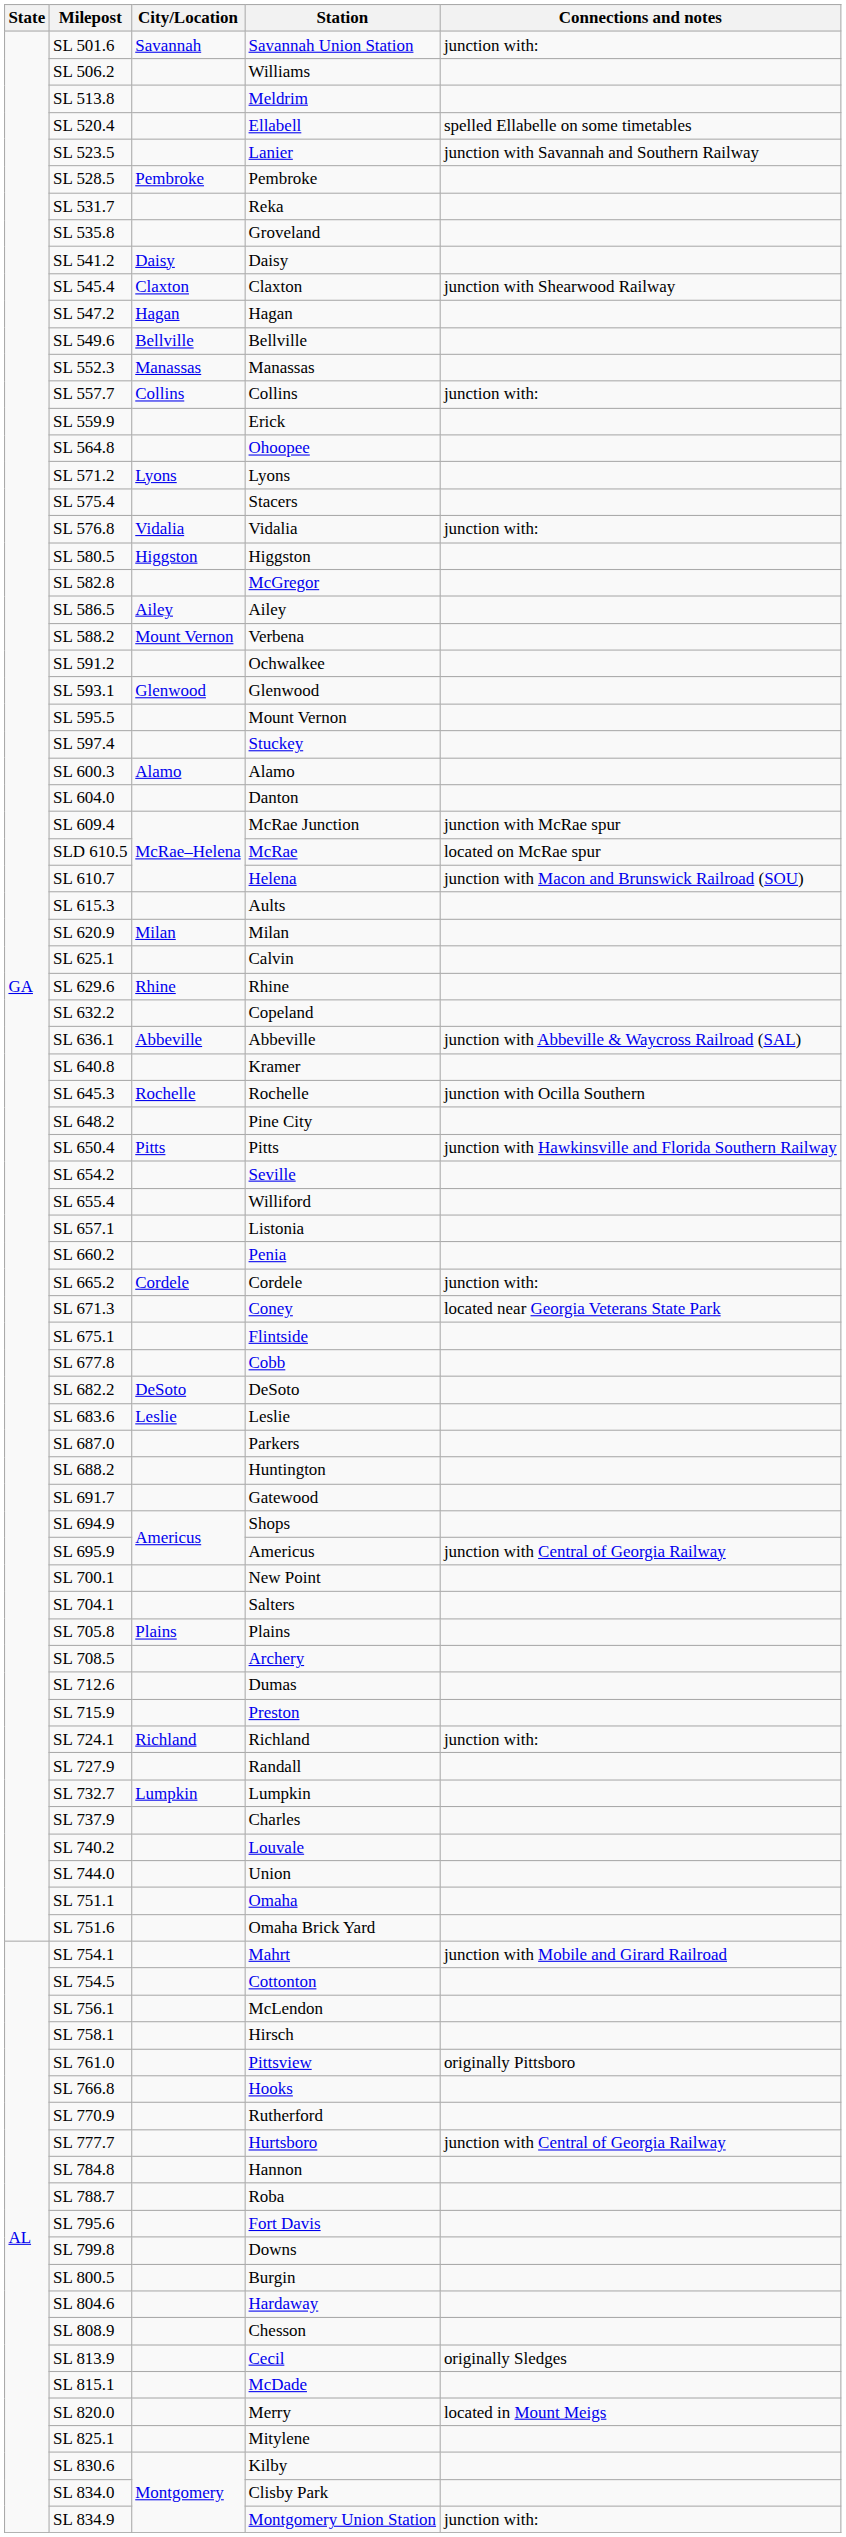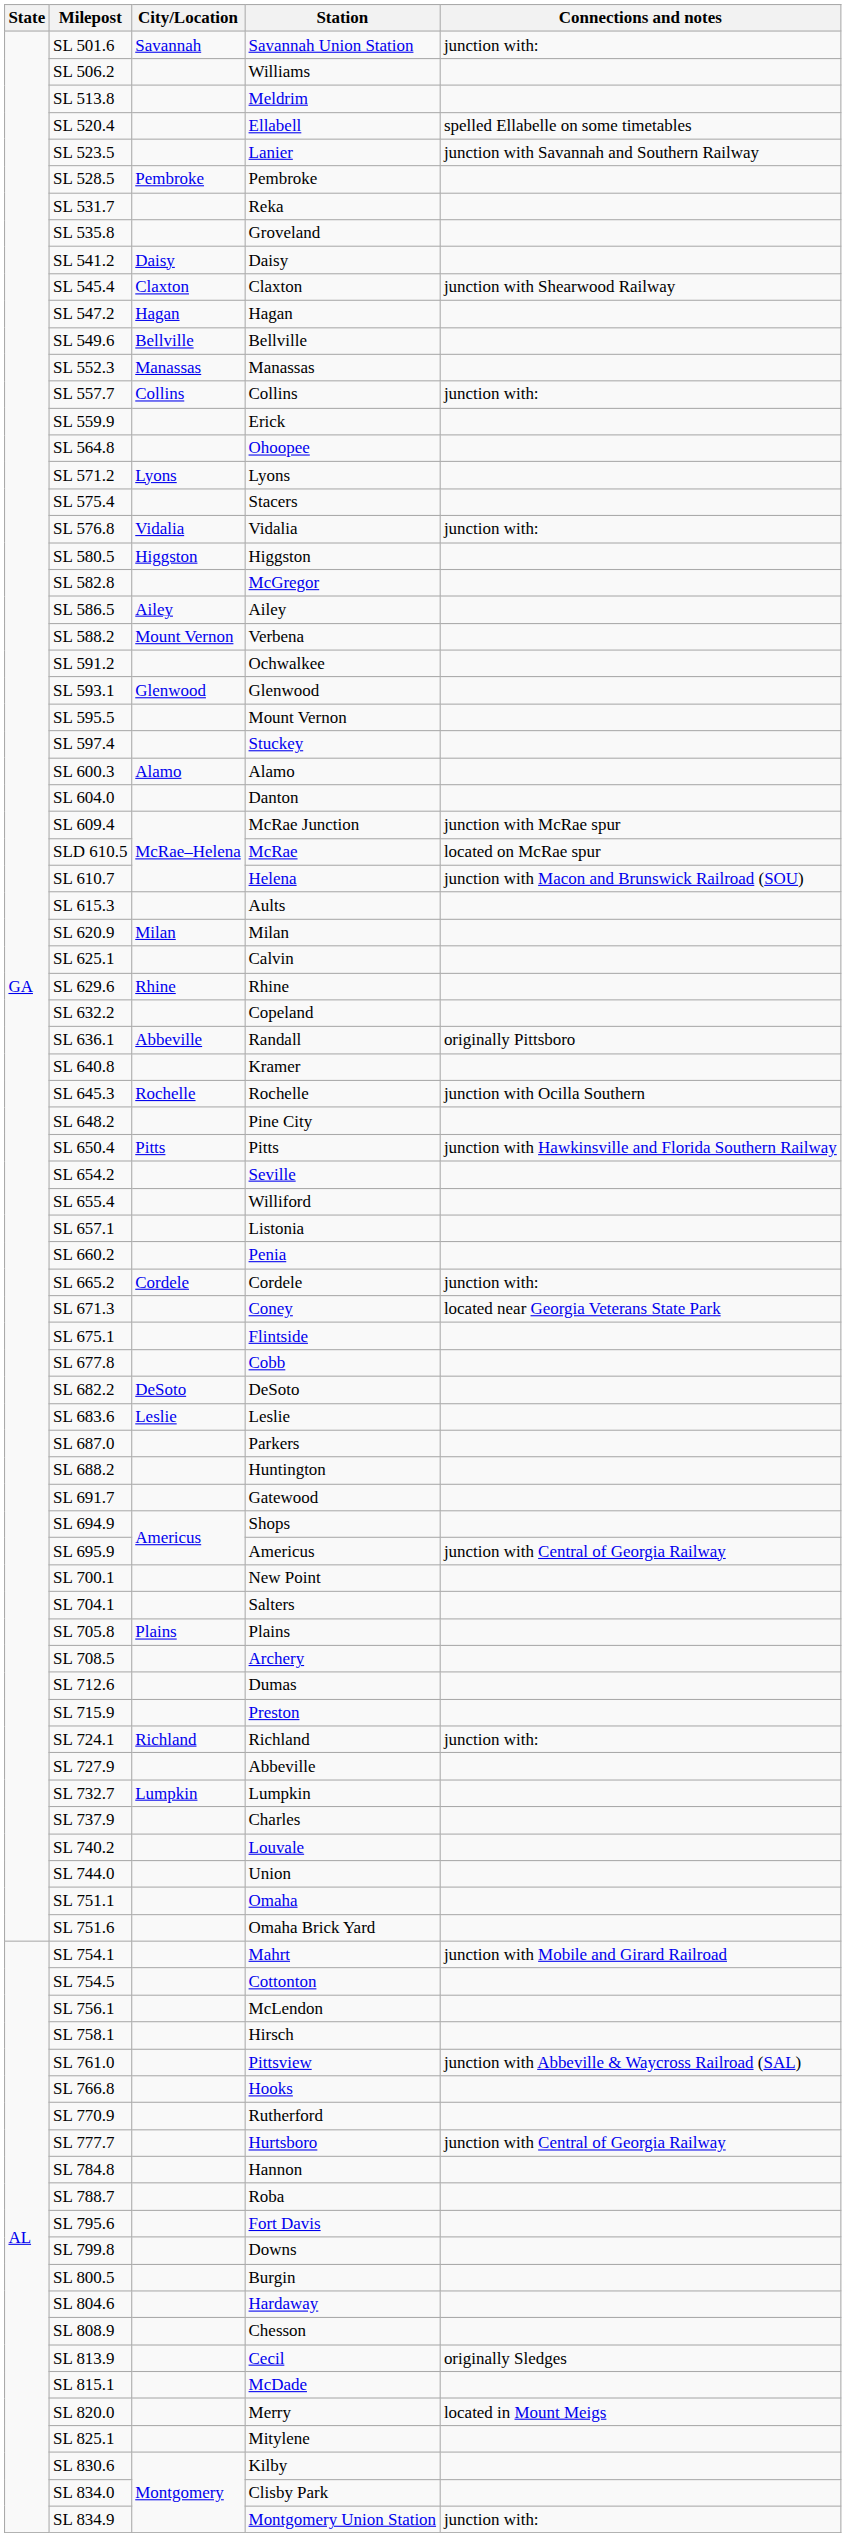 <table class="wikitable">
 <tr>
 <th>State</th>
 <th>Milepost</th>
 <th>City/Location</th>
 <th>Station</th>
 <th>Connections and notes</th>
 </tr>
 <tr>
 <td ! rowspan="71"><a href='#'>GA</a></td>
 <td>SL 501.6</td>
 <td><a href='#'>Savannah</a></td>
 <td><a href='#'>Savannah Union Station</a></td>
 <td>junction with:<br></td>
 </tr>
 <tr>
 <td>SL 506.2</td>
 <td></td>
 <td>Williams</td>
 <td></td>
 </tr>
 <tr>
 <td>SL 513.8</td>
 <td></td>
 <td><a href='#'>Meldrim</a></td>
 <td></td>
 </tr>
 <tr>
 <td>SL 520.4</td>
 <td></td>
 <td><a href='#'>Ellabell</a></td>
 <td>spelled Ellabelle on some timetables</td>
 </tr>
 <tr>
 <td>SL 523.5</td>
 <td></td>
 <td><a href='#'>Lanier</a></td>
 <td>junction with Savannah and Southern Railway</td>
 </tr>
 <tr>
 <td>SL 528.5</td>
 <td><a href='#'>Pembroke</a></td>
 <td>Pembroke</td>
 <td></td>
 </tr>
 <tr>
 <td>SL 531.7</td>
 <td></td>
 <td>Reka</td>
 <td></td>
 </tr>
 <tr>
 <td>SL 535.8</td>
 <td></td>
 <td>Groveland</td>
 <td></td>
 </tr>
 <tr>
 <td>SL 541.2</td>
 <td><a href='#'>Daisy</a></td>
 <td>Daisy</td>
 <td></td>
 </tr>
 <tr>
 <td>SL 545.4</td>
 <td><a href='#'>Claxton</a></td>
 <td>Claxton</td>
 <td>junction with Shearwood Railway</td>
 </tr>
 <tr>
 <td>SL 547.2</td>
 <td><a href='#'>Hagan</a></td>
 <td>Hagan</td>
 <td></td>
 </tr>
 <tr>
 <td>SL 549.6</td>
 <td><a href='#'>Bellville</a></td>
 <td>Bellville</td>
 <td></td>
 </tr>
 <tr>
 <td>SL 552.3</td>
 <td><a href='#'>Manassas</a></td>
 <td>Manassas</td>
 <td></td>
 </tr>
 <tr>
 <td>SL 557.7</td>
 <td><a href='#'>Collins</a></td>
 <td>Collins</td>
 <td>junction with:<br></td>
 </tr>
 <tr>
 <td>SL 559.9</td>
 <td></td>
 <td>Erick</td>
 <td></td>
 </tr>
 <tr>
 <td>SL 564.8</td>
 <td></td>
 <td><a href='#'>Ohoopee</a></td>
 <td></td>
 </tr>
 <tr>
 <td>SL 571.2</td>
 <td><a href='#'>Lyons</a></td>
 <td>Lyons</td>
 <td></td>
 </tr>
 <tr>
 <td>SL 575.4</td>
 <td></td>
 <td>Stacers</td>
 <td></td>
 </tr>
 <tr>
 <td>SL 576.8</td>
 <td><a href='#'>Vidalia</a></td>
 <td>Vidalia</td>
 <td>junction with:<br></td>
 </tr>
 <tr>
 <td>SL 580.5</td>
 <td><a href='#'>Higgston</a></td>
 <td>Higgston</td>
 <td></td>
 </tr>
 <tr>
 <td>SL 582.8</td>
 <td></td>
 <td><a href='#'>McGregor</a></td>
 <td></td>
 </tr>
 <tr>
 <td>SL 586.5</td>
 <td><a href='#'>Ailey</a></td>
 <td>Ailey</td>
 <td></td>
 </tr>
 <tr>
 <td>SL 588.2</td>
 <td><a href='#'>Mount Vernon</a></td>
 <td>Verbena</td>
 <td></td>
 </tr>
 <tr>
 <td>SL 591.2</td>
 <td></td>
 <td>Ochwalkee</td>
 <td></td>
 </tr>
 <tr>
 <td>SL 593.1</td>
 <td><a href='#'>Glenwood</a></td>
 <td>Glenwood</td>
 <td></td>
 </tr>
 <tr>
 <td>SL 595.5</td>
 <td></td>
 <td>Mount Vernon</td>
 <td></td>
 </tr>
 <tr>
 <td>SL 597.4</td>
 <td></td>
 <td><a href='#'>Stuckey</a></td>
 <td></td>
 </tr>
 <tr>
 <td>SL 600.3</td>
 <td><a href='#'>Alamo</a></td>
 <td>Alamo</td>
 <td></td>
 </tr>
 <tr>
 <td>SL 604.0</td>
 <td></td>
 <td>Danton</td>
 <td></td>
 </tr>
 <tr>
 <td>SL 609.4</td>
 <td ! rowspan="3"><a href='#'>McRae–Helena</a></td>
 <td>McRae Junction</td>
 <td>junction with McRae spur</td>
 </tr>
 <tr>
 <td>SLD 610.5</td>
 <td><a href='#'>McRae</a></td>
 <td>located on McRae spur</td>
 </tr>
 <tr>
 <td>SL 610.7</td>
 <td><a href='#'>Helena</a></td>
 <td>junction with <a href='#'>Macon and Brunswick Railroad</a> (<a href='#'>SOU</a>)</td>
 </tr>
 <tr>
 <td>SL 615.3</td>
 <td></td>
 <td>Aults</td>
 <td></td>
 </tr>
 <tr>
 <td>SL 620.9</td>
 <td><a href='#'>Milan</a></td>
 <td>Milan</td>
 <td></td>
 </tr>
 <tr>
 <td>SL 625.1</td>
 <td></td>
 <td>Calvin</td>
 <td></td>
 </tr>
 <tr>
 <td>SL 629.6</td>
 <td><a href='#'>Rhine</a></td>
 <td>Rhine</td>
 <td></td>
 </tr>
 <tr>
 <td>SL 632.2</td>
 <td></td>
 <td>Copeland</td>
 <td></td>
 </tr>
 <tr>
 <td>SL 636.1</td>
 <td><a href='#'>Abbeville</a></td>
-<td>Abbeville</td>
-<td>junction with <a href='#'>Abbeville & Waycross Railroad</a> (<a href='#'>SAL</a>)</td>
+<td>Randall</td>
+<td>originally Pittsboro</td>
 </tr>
 <tr>
 <td>SL 640.8</td>
 <td></td>
 <td>Kramer</td>
 <td></td>
 </tr>
 <tr>
 <td>SL 645.3</td>
 <td><a href='#'>Rochelle</a></td>
 <td>Rochelle</td>
 <td>junction with Ocilla Southern</td>
 </tr>
 <tr>
 <td>SL 648.2</td>
 <td></td>
 <td>Pine City</td>
 <td></td>
 </tr>
 <tr>
 <td>SL 650.4</td>
 <td><a href='#'>Pitts</a></td>
 <td>Pitts</td>
 <td>junction with <a href='#'>Hawkinsville and Florida Southern Railway</a></td>
 </tr>
 <tr>
 <td>SL 654.2</td>
 <td></td>
 <td><a href='#'>Seville</a></td>
 <td></td>
 </tr>
 <tr>
 <td>SL 655.4</td>
 <td></td>
 <td>Williford</td>
 <td></td>
 </tr>
 <tr>
 <td>SL 657.1</td>
 <td></td>
 <td>Listonia</td>
 <td></td>
 </tr>
 <tr>
 <td>SL 660.2</td>
 <td></td>
 <td><a href='#'>Penia</a></td>
 <td></td>
 </tr>
 <tr>
 <td>SL 665.2</td>
 <td><a href='#'>Cordele</a></td>
 <td>Cordele</td>
 <td>junction with:<br></td>
 </tr>
 <tr>
 <td>SL 671.3</td>
 <td></td>
 <td><a href='#'>Coney</a></td>
 <td>located near <a href='#'>Georgia Veterans State Park</a></td>
 </tr>
 <tr>
 <td>SL 675.1</td>
 <td></td>
 <td><a href='#'>Flintside</a></td>
 <td></td>
 </tr>
 <tr>
 <td>SL 677.8</td>
 <td></td>
 <td><a href='#'>Cobb</a></td>
 <td></td>
 </tr>
 <tr>
 <td>SL 682.2</td>
 <td><a href='#'>DeSoto</a></td>
 <td>DeSoto</td>
 <td></td>
 </tr>
 <tr>
 <td>SL 683.6</td>
 <td><a href='#'>Leslie</a></td>
 <td>Leslie</td>
 <td></td>
 </tr>
 <tr>
 <td>SL 687.0</td>
 <td></td>
 <td>Parkers</td>
 <td></td>
 </tr>
 <tr>
 <td>SL 688.2</td>
 <td></td>
 <td>Huntington</td>
 <td></td>
 </tr>
 <tr>
 <td>SL 691.7</td>
 <td></td>
 <td>Gatewood</td>
 <td></td>
 </tr>
 <tr>
 <td>SL 694.9</td>
 <td ! rowspan="2"><a href='#'>Americus</a></td>
 <td>Shops</td>
 <td></td>
 </tr>
 <tr>
 <td>SL 695.9</td>
 <td>Americus</td>
 <td>junction with <a href='#'>Central of Georgia Railway</a></td>
 </tr>
 <tr>
 <td>SL 700.1</td>
 <td></td>
 <td>New Point</td>
 <td></td>
 </tr>
 <tr>
 <td>SL 704.1</td>
 <td></td>
 <td>Salters</td>
 <td></td>
 </tr>
 <tr>
 <td>SL 705.8</td>
 <td><a href='#'>Plains</a></td>
 <td>Plains</td>
 <td></td>
 </tr>
 <tr>
 <td>SL 708.5</td>
 <td></td>
 <td><a href='#'>Archery</a></td>
 <td></td>
 </tr>
 <tr>
 <td>SL 712.6</td>
 <td></td>
 <td>Dumas</td>
 <td></td>
 </tr>
 <tr>
 <td>SL 715.9</td>
 <td></td>
 <td><a href='#'>Preston</a></td>
 <td></td>
 </tr>
 <tr>
 <td>SL 724.1</td>
 <td><a href='#'>Richland</a></td>
 <td>Richland</td>
 <td>junction with:<br></td>
 </tr>
 <tr>
 <td>SL 727.9</td>
 <td></td>
-<td>Randall</td>
+<td>Abbeville</td>
 <td></td>
 </tr>
 <tr>
 <td>SL 732.7</td>
 <td><a href='#'>Lumpkin</a></td>
 <td>Lumpkin</td>
 <td></td>
 </tr>
 <tr>
 <td>SL 737.9</td>
 <td></td>
 <td>Charles</td>
 <td></td>
 </tr>
 <tr>
 <td>SL 740.2</td>
 <td></td>
 <td><a href='#'>Louvale</a></td>
 <td></td>
 </tr>
 <tr>
 <td>SL 744.0</td>
 <td></td>
 <td>Union</td>
 <td></td>
 </tr>
 <tr>
 <td>SL 751.1</td>
 <td></td>
 <td><a href='#'>Omaha</a></td>
 <td></td>
 </tr>
 <tr>
 <td>SL 751.6</td>
 <td></td>
 <td>Omaha Brick Yard</td>
 <td></td>
 </tr>
 <tr>
 <td ! rowspan="24"><a href='#'>AL</a></td>
 <td>SL 754.1</td>
 <td></td>
 <td><a href='#'>Mahrt</a></td>
 <td>junction with <a href='#'>Mobile and Girard Railroad</a></td>
 </tr>
 <tr>
 <td>SL 754.5</td>
 <td></td>
 <td><a href='#'>Cottonton</a></td>
 <td></td>
 </tr>
 <tr>
 <td>SL 756.1</td>
 <td></td>
 <td>McLendon</td>
 <td></td>
 </tr>
 <tr>
 <td>SL 758.1</td>
 <td></td>
 <td>Hirsch</td>
 <td></td>
 </tr>
 <tr>
 <td>SL 761.0</td>
 <td></td>
 <td><a href='#'>Pittsview</a></td>
-<td>originally Pittsboro</td>
+<td>junction with <a href='#'>Abbeville & Waycross Railroad</a> (<a href='#'>SAL</a>)</td>
 </tr>
 <tr>
 <td>SL 766.8</td>
 <td></td>
 <td><a href='#'>Hooks</a></td>
 <td></td>
 </tr>
 <tr>
 <td>SL 770.9</td>
 <td></td>
 <td>Rutherford</td>
 <td></td>
 </tr>
 <tr>
 <td>SL 777.7</td>
 <td></td>
 <td><a href='#'>Hurtsboro</a></td>
 <td>junction with <a href='#'>Central of Georgia Railway</a></td>
 </tr>
 <tr>
 <td>SL 784.8</td>
 <td></td>
 <td>Hannon</td>
 <td></td>
 </tr>
 <tr>
 <td>SL 788.7</td>
 <td></td>
 <td>Roba</td>
 <td></td>
 </tr>
 <tr>
 <td>SL 795.6</td>
 <td></td>
 <td><a href='#'>Fort Davis</a></td>
 <td></td>
 </tr>
 <tr>
 <td>SL 799.8</td>
 <td></td>
 <td>Downs</td>
 <td></td>
 </tr>
 <tr>
 <td>SL 800.5</td>
 <td></td>
 <td>Burgin</td>
 <td></td>
 </tr>
 <tr>
 <td>SL 804.6</td>
 <td></td>
 <td><a href='#'>Hardaway</a></td>
 <td></td>
 </tr>
 <tr>
 <td>SL 808.9</td>
 <td></td>
 <td>Chesson</td>
 <td></td>
 </tr>
 <tr>
 <td>SL 813.9</td>
 <td></td>
 <td><a href='#'>Cecil</a></td>
 <td>originally Sledges</td>
 </tr>
 <tr>
 <td>SL 815.1</td>
 <td></td>
 <td><a href='#'>McDade</a></td>
 <td></td>
 </tr>
 <tr>
 <td>SL 820.0</td>
 <td></td>
 <td>Merry</td>
 <td>located in <a href='#'>Mount Meigs</a></td>
 </tr>
 <tr>
 <td>SL 825.1</td>
 <td></td>
 <td>Mitylene</td>
 <td></td>
 </tr>
 <tr>
 <td>SL 830.6</td>
 <td ! rowspan="3"><a href='#'>Montgomery</a></td>
 <td>Kilby</td>
 <td></td>
 </tr>
 <tr>
 <td>SL 834.0</td>
 <td>Clisby Park</td>
 <td></td>
 </tr>
 <tr>
 <td>SL 834.9</td>
 <td><a href='#'>Montgomery Union Station</a></td>
 <td>junction with:<br></td>
 </tr>
 </table>
